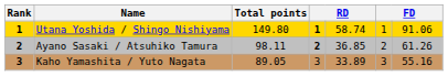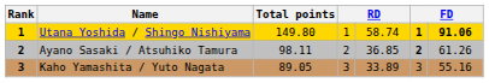 <table class="wikitable sortable">
 <tr>
 <th>Rank</th>
 <th>Name</th>
 <th>Total points</th>
 <th colspan="2" width="80px"><a href='#'>RD</a></th>
 <th colspan="2" width="80px"><a href='#'>FD</a></th>
 </tr>
 <tr bgcolor="gold">
 <td align="center"><strong>1</strong></td>
 <td><a href='#'>Utana Yoshida</a> / <a href='#'>Shingo Nishiyama</a></td>
 <td align="center">149.80</td>
+<td align="center">1</td>
+<td align="center">58.74</td>
 <td align="center"><strong>1</strong></td>
-<td align="center">58.74</td>
-<td align="center">1</td>
-<td align="center">91.06</td>
+<td align="center"><strong>91.06</strong></td>
 </tr>
 <tr bgcolor="silver">
 <td align="center"><strong>2</strong></td>
 <td>Ayano Sasaki / Atsuhiko Tamura</td>
 <td align="center">98.11</td>
+<td align="center">2</td>
+<td align="center">36.85</td>
 <td align="center"><strong>2</strong></td>
-<td align="center">36.85</td>
-<td align="center">2</td>
 <td align="center">61.26</td>
 </tr>
 <tr bgcolor="cc9966">
 <td align="center"><strong>3</strong></td>
 <td>Kaho Yamashita / Yuto Nagata</td>
 <td align="center">89.05</td>
 <td align="center">3</td>
 <td align="center">33.89</td>
 <td align="center">3</td>
 <td align="center">55.16</td>
 </tr>
 </table>
